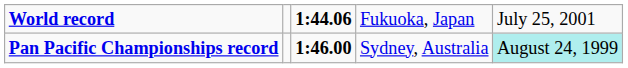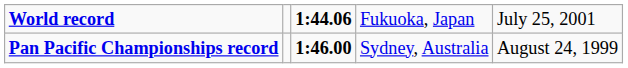 <table class="wikitable">
 <tr>
 <td><strong><a href='#'>World record</a></strong></td>
 <td></td>
 <td><strong>1:44.06</strong></td>
 <td><a href='#'>Fukuoka</a>, <a href='#'>Japan</a></td>
 <td>July 25, 2001</td>
 </tr>
 <tr>
 <td><strong><a href='#'>Pan Pacific Championships record</a></strong></td>
 <td></td>
 <td><strong>1:46.00</strong></td>
 <td><a href='#'>Sydney</a>, <a href='#'>Australia</a></td>
-<td style="background: paleturquoise;">August 24, 1999</td>
+<td>August 24, 1999</td>
 </tr>
 </table>
